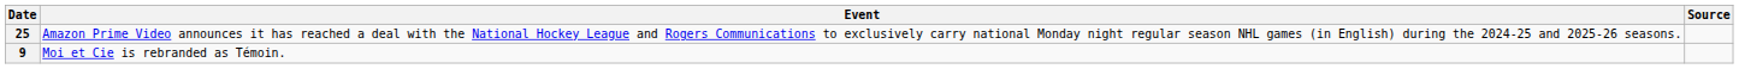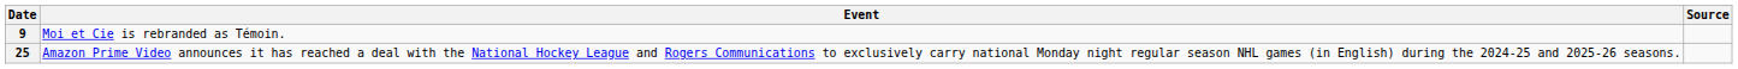 <table class="wikitable">
 <tr>
 <th>Date</th>
 <th>Event</th>
 <th>Source</th>
 </tr>
 <tr>
+<th>9</th>
+<td><a href='#'>Moi et Cie</a> is rebranded as Témoin.</td>
+<td></td>
+</tr>
+<tr>
 <th>25</th>
 <td><a href='#'>Amazon Prime Video</a> announces it has reached a deal with the <a href='#'>National Hockey League</a> and <a href='#'>Rogers Communications</a> to exclusively carry national Monday night regular season NHL games (in English) during the 2024-25 and 2025-26 seasons.</td>
 <td></td>
 </tr>
-<tr>
-<th>9</th>
-<td><a href='#'>Moi et Cie</a> is rebranded as Témoin.</td>
-<td></td>
-</tr>
 </table>
